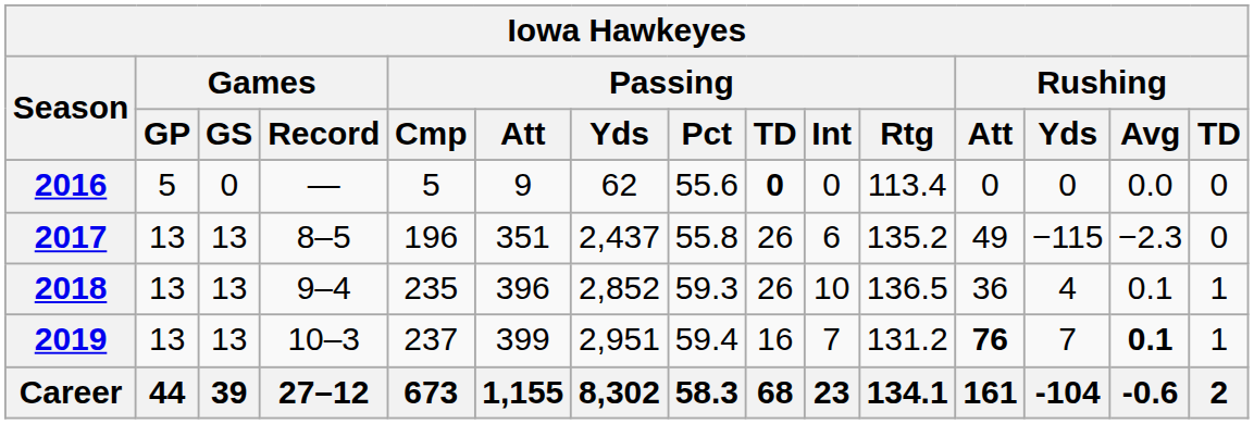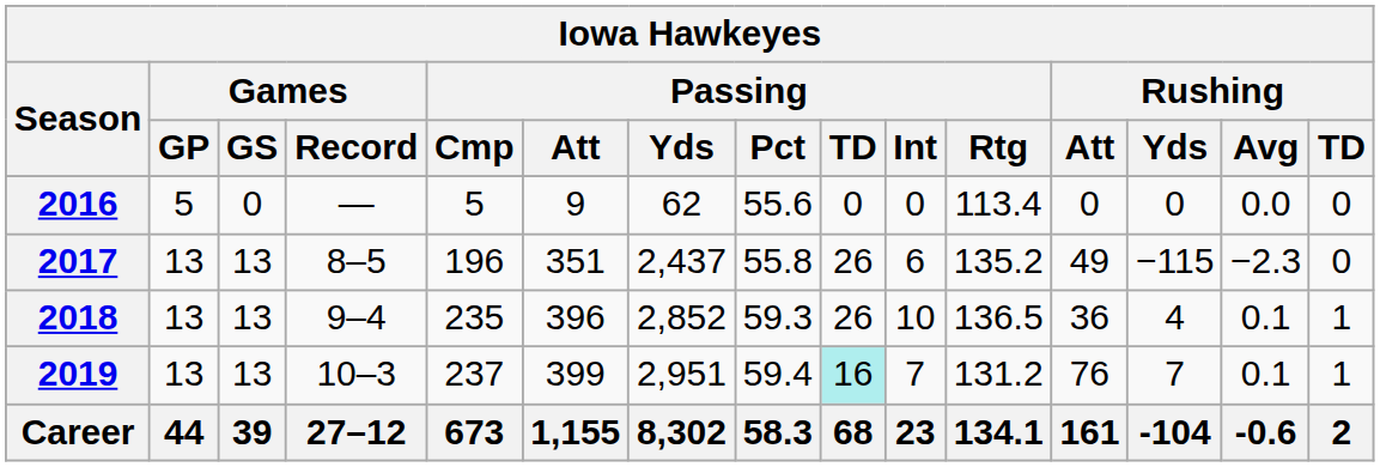 <table class=wikitable style="text-align:center;">
 <tr>
 <th colspan="15">Iowa Hawkeyes</th>
 </tr>
 <tr>
 <th rowspan="2">Season</th>
 <th colspan="3">Games</th>
 <th colspan="7">Passing</th>
 <th colspan="4">Rushing</th>
 </tr>
 <tr>
 <th>GP</th>
 <th>GS</th>
 <th>Record</th>
 <th>Cmp</th>
 <th>Att</th>
 <th>Yds</th>
 <th>Pct</th>
 <th>TD</th>
 <th>Int</th>
 <th>Rtg</th>
 <th>Att</th>
 <th>Yds</th>
 <th>Avg</th>
 <th>TD</th>
 </tr>
 <tr>
 <th><a href='#'>2016</a></th>
 <td>5</td>
 <td>0</td>
 <td>—</td>
 <td>5</td>
 <td>9</td>
 <td>62</td>
 <td>55.6</td>
-<td><strong>0</strong></td>
+<td>0</td>
 <td>0</td>
 <td>113.4</td>
 <td>0</td>
 <td>0</td>
 <td>0.0</td>
 <td>0</td>
 </tr>
 <tr>
 <th><a href='#'>2017</a></th>
 <td>13</td>
 <td>13</td>
 <td>8–5</td>
 <td>196</td>
 <td>351</td>
 <td>2,437</td>
 <td>55.8</td>
 <td>26</td>
 <td>6</td>
 <td>135.2</td>
 <td>49</td>
 <td>−115</td>
 <td>−2.3</td>
 <td>0</td>
 </tr>
 <tr>
 <th><a href='#'>2018</a></th>
 <td>13</td>
 <td>13</td>
 <td>9–4</td>
 <td>235</td>
 <td>396</td>
 <td>2,852</td>
 <td>59.3</td>
 <td>26</td>
 <td>10</td>
 <td>136.5</td>
 <td>36</td>
 <td>4</td>
 <td>0.1</td>
 <td>1</td>
 </tr>
 <tr>
 <th><a href='#'>2019</a></th>
 <td>13</td>
 <td>13</td>
 <td>10–3</td>
 <td>237</td>
 <td>399</td>
 <td>2,951</td>
 <td>59.4</td>
-<td>16</td>
+<td style="background: paleturquoise;">16</td>
 <td>7</td>
 <td>131.2</td>
-<td><strong>76</strong></td>
+<td>76</td>
 <td>7</td>
-<td><strong>0.1</strong></td>
+<td>0.1</td>
 <td>1</td>
 </tr>
 <tr>
 <th>Career</th>
 <th>44</th>
 <th>39</th>
 <th>27–12</th>
 <th>673</th>
 <th>1,155</th>
 <th>8,302</th>
 <th>58.3</th>
 <th>68</th>
 <th>23</th>
 <th>134.1</th>
 <th>161</th>
 <th>-104</th>
 <th>-0.6</th>
 <th>2</th>
 </tr>
 </table>
